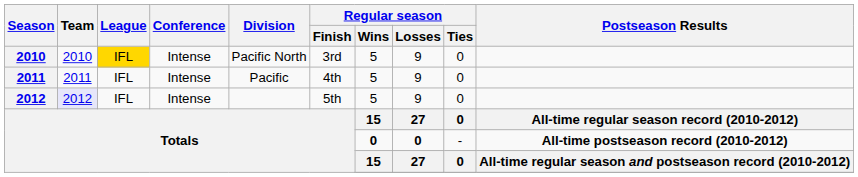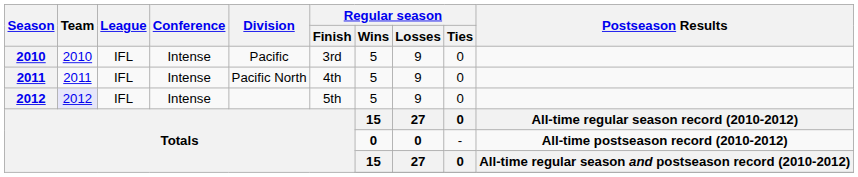 <table class="wikitable" style="font-size: 95%;">
 <tr>
 <th rowspan="2"><a href='#'>Season</a></th>
 <th rowspan="2">Team</th>
 <th rowspan="2"><a href='#'>League</a></th>
 <th rowspan="2"><a href='#'>Conference</a></th>
 <th rowspan="2"><a href='#'>Division</a></th>
 <th colspan="4"><a href='#'>Regular season</a></th>
 <th rowspan="2"><a href='#'>Postseason</a> Results</th>
 </tr>
 <tr>
 <th>Finish</th>
 <th>Wins</th>
 <th>Losses</th>
 <th>Ties</th>
 </tr>
 <tr>
 <th style="text-align:center;"><a href='#'>2010</a></th>
 <td style="text-align:center;"><a href='#'>2010</a></td>
-<td style="background: gold; text-align:center;">IFL</td>
+<td style="text-align:center;">IFL</td>
 <td style="text-align:center;">Intense</td>
-<td style="text-align:center;">Pacific North</td>
+<td style="text-align:center;">Pacific</td>
 <td style="text-align:center;">3rd</td>
 <td style="text-align:center;">5</td>
 <td style="text-align:center;">9</td>
 <td style="text-align:center;">0</td>
 <td></td>
 </tr>
 <tr>
 <th style="text-align:center;"><a href='#'>2011</a></th>
 <td style="text-align:center;"><a href='#'>2011</a></td>
 <td style="text-align:center;">IFL</td>
 <td style="text-align:center;">Intense</td>
-<td style="text-align:center;">Pacific</td>
+<td style="text-align:center;">Pacific North</td>
 <td style="text-align:center;">4th</td>
 <td style="text-align:center;">5</td>
 <td style="text-align:center;">9</td>
 <td style="text-align:center;">0</td>
 <td></td>
 </tr>
 <tr>
 <th style="text-align:center;"><a href='#'>2012</a></th>
 <td style="background: lavender; text-align:center;"><a href='#'>2012</a></td>
 <td style="text-align:center;">IFL</td>
 <td style="text-align:center;">Intense</td>
 <td style="text-align:center;"></td>
 <td style="text-align:center;">5th</td>
 <td style="text-align:center;">5</td>
 <td style="text-align:center;">9</td>
 <td style="text-align:center;">0</td>
 <td></td>
 </tr>
 <tr>
 <th style="text-align:center;" rowspan="5" colspan="6">Totals</th>
 <th style="text-align:center;"><strong>15</strong></th>
 <th style="text-align:center;"><strong>27</strong></th>
 <th style="text-align:center;"><strong>0</strong></th>
 <th style="text-align:center;" colspan="3"><strong>All-time regular season record (2010-2012)</strong></th>
 </tr>
 <tr style="text-align:center;">
 <td><strong>0</strong></td>
 <td><strong>0</strong></td>
 <td>-</td>
 <td colspan="3"><strong>All-time postseason record (2010-2012)</strong></td>
 </tr>
 <tr>
 <th style="text-align:center;"><strong>15</strong></th>
 <th style="text-align:center;"><strong>27</strong></th>
 <th style="text-align:center;"><strong>0</strong></th>
 <th style="text-align:center;" colspan="3"><strong>All-time regular season <em>and</em>  postseason record (2010-2012)</strong></th>
 </tr>
 <tr>
 </tr>
 </table>
